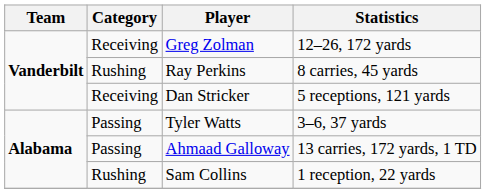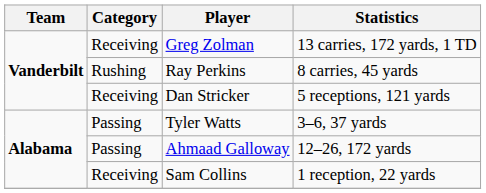 <table class="wikitable" style="float: right;">
 <tr>
 <th>Team</th>
 <th>Category</th>
 <th>Player</th>
 <th>Statistics</th>
 </tr>
 <tr>
 <td rowspan=3><strong>Vanderbilt</strong></td>
 <td>Receiving</td>
 <td><a href='#'>Greg Zolman</a></td>
-<td>12–26, 172 yards</td>
+<td>13 carries, 172 yards, 1 TD</td>
 </tr>
 <tr>
 <td>Rushing</td>
 <td>Ray Perkins</td>
 <td>8 carries, 45 yards</td>
 </tr>
 <tr>
 <td>Receiving</td>
 <td>Dan Stricker</td>
 <td>5 receptions, 121 yards</td>
 </tr>
 <tr>
 <td rowspan=3><strong>Alabama</strong></td>
 <td>Passing</td>
 <td>Tyler Watts</td>
 <td>3–6, 37 yards</td>
 </tr>
 <tr>
 <td>Passing</td>
 <td><a href='#'>Ahmaad Galloway</a></td>
-<td>13 carries, 172 yards, 1 TD</td>
+<td>12–26, 172 yards</td>
 </tr>
 <tr>
-<td>Rushing</td>
+<td>Receiving</td>
 <td>Sam Collins</td>
 <td>1 reception, 22 yards</td>
 </tr>
 <tr>
 </tr>
 </table>
